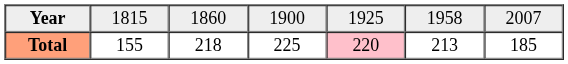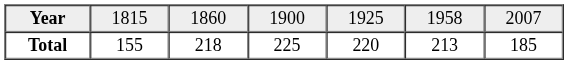 <table border="1" cellpadding="2" cellspacing="0" width="500">
 <tr bgcolor="#eeeeee" align="center">
 <td><strong>Year</strong></td>
 <td>1815</td>
 <td>1860</td>
 <td>1900</td>
 <td>1925</td>
 <td>1958</td>
 <td>2007</td>
 </tr>
 <tr align="center">
-<td style="background: lightsalmon;"><strong>Total</strong></td>
+<td><strong>Total</strong></td>
 <td>155</td>
 <td>218</td>
 <td>225</td>
-<td style="background: pink;">220</td>
+<td>220</td>
 <td>213</td>
 <td>185</td>
 </tr>
 </table>
